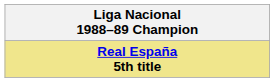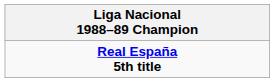 <table class="wikitable" style="text-align: center; margin: 0 auto; width: 20%">
 <tr>
 <th>Liga Nacional<br>1988–89 Champion</th>
 </tr>
 <tr>
-<td style="background: khaki;"><strong><a href='#'>Real España</a></strong><br><strong>5th title</strong></td>
+<td><strong><a href='#'>Real España</a></strong><br><strong>5th title</strong></td>
 </tr>
 </table>
